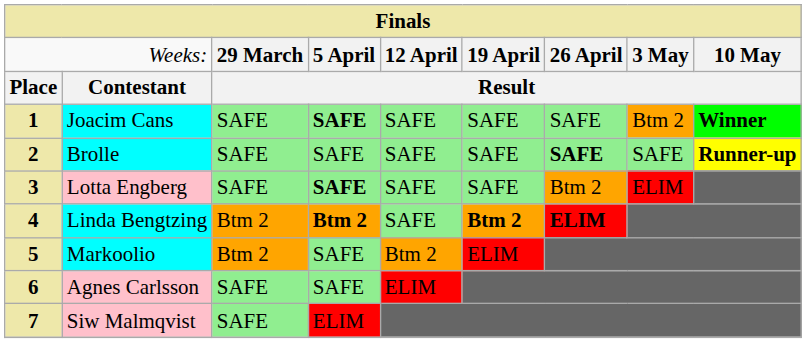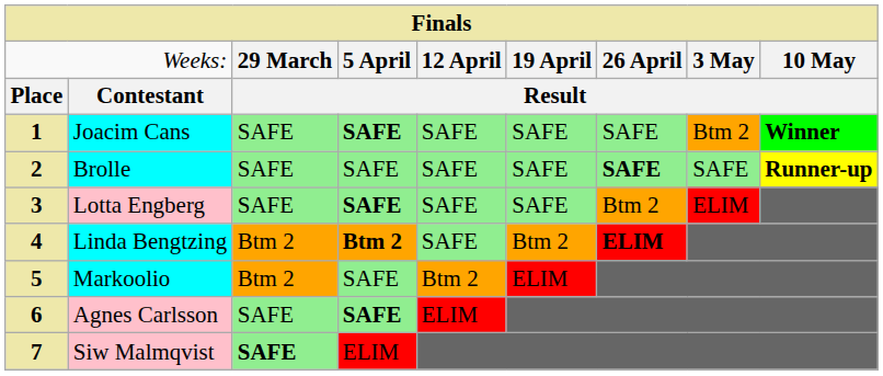 <table class="wikitable" align="center">
 <tr>
 <td colspan="10" bgcolor="palegoldenrod" align="Center"><strong>Finals</strong></td>
 </tr>
 <tr>
 <td colspan="2" align="right"><em>Weeks:</em></td>
 <th>29 March</th>
 <th>5 April</th>
 <th>12 April</th>
 <th>19 April</th>
 <th>26 April</th>
 <th>3 May</th>
 <th>10 May</th>
 </tr>
 <tr>
 <th>Place</th>
 <th>Contestant</th>
 <th colspan="15" align="center">Result</th>
 </tr>
 <tr>
 <td align="center" bgcolor="palegoldenrod"><strong>1</strong></td>
 <td bgcolor="cyan">Joacim Cans</td>
 <td style="background: lightgreen">SAFE</td>
 <td style="background: lightgreen"><strong>SAFE</strong></td>
 <td style="background: lightgreen">SAFE</td>
 <td style="background: lightgreen">SAFE</td>
 <td style="background: lightgreen">SAFE</td>
 <td style="background: orange">Btm 2</td>
 <td style="background: Lime"><strong>Winner</strong></td>
 </tr>
 <tr>
 <td align="center" bgcolor="palegoldenrod"><strong>2</strong></td>
 <td bgcolor="cyan">Brolle</td>
 <td style="background: lightgreen">SAFE</td>
 <td style="background: lightgreen">SAFE</td>
 <td style="background: lightgreen">SAFE</td>
 <td style="background: lightgreen">SAFE</td>
 <td style="background: lightgreen"><strong>SAFE</strong></td>
 <td style="background: lightgreen">SAFE</td>
 <td style="background: yellow"><strong>Runner-up</strong></td>
 </tr>
 <tr>
 <td align="center" bgcolor="palegoldenrod"><strong>3</strong></td>
 <td bgcolor="pink">Lotta Engberg</td>
 <td style="background: lightgreen">SAFE</td>
 <td style="background: lightgreen"><strong>SAFE</strong></td>
 <td style="background: lightgreen">SAFE</td>
 <td style="background: lightgreen">SAFE</td>
 <td style="background: orange">Btm 2</td>
 <td style="background: red"><span>ELIM</span></td>
 <td colspan="1" bgcolor="666666"></td>
 </tr>
 <tr>
 <td align="center" bgcolor="palegoldenrod"><strong>4</strong></td>
 <td bgcolor="Cyan">Linda Bengtzing</td>
 <td style="background: orange">Btm 2</td>
 <td style="background: orange"><strong>Btm 2</strong></td>
 <td style="background: lightgreen">SAFE</td>
-<td style="background: orange"><strong>Btm 2</strong></td>
+<td style="background: orange">Btm 2</td>
 <td style="background: red"><strong><span>ELIM</span></strong></td>
 <td colspan="2" bgcolor="666666"></td>
 </tr>
 <tr>
 <td align="center" bgcolor="palegoldenrod"><strong>5</strong></td>
 <td bgcolor="cyan">Markoolio</td>
 <td style="background: orange">Btm 2</td>
 <td style="background: lightgreen">SAFE</td>
 <td style="background: orange">Btm 2</td>
 <td style="background: red"><span>ELIM</span></td>
 <td colspan="3" bgcolor="666666"></td>
 </tr>
 <tr>
 <td align="center" bgcolor="palegoldenrod"><strong>6</strong></td>
 <td bgcolor="pink">Agnes Carlsson</td>
 <td style="background: lightgreen">SAFE</td>
-<td style="background: lightgreen">SAFE</td>
+<td style="background: lightgreen"><strong>SAFE</strong></td>
 <td style="background: red"><span>ELIM</span></td>
 <td colspan="4" bgcolor="666666"></td>
 </tr>
 <tr>
 <td align="center" bgcolor="palegoldenrod"><strong>7</strong></td>
 <td bgcolor="Pink">Siw Malmqvist</td>
-<td style="background: lightgreen">SAFE</td>
+<td style="background: lightgreen"><strong>SAFE</strong></td>
 <td style="background: red"><span>ELIM</span></td>
 <td colspan="5" bgcolor="666666"></td>
 </tr>
 <tr>
 </tr>
 </table>
